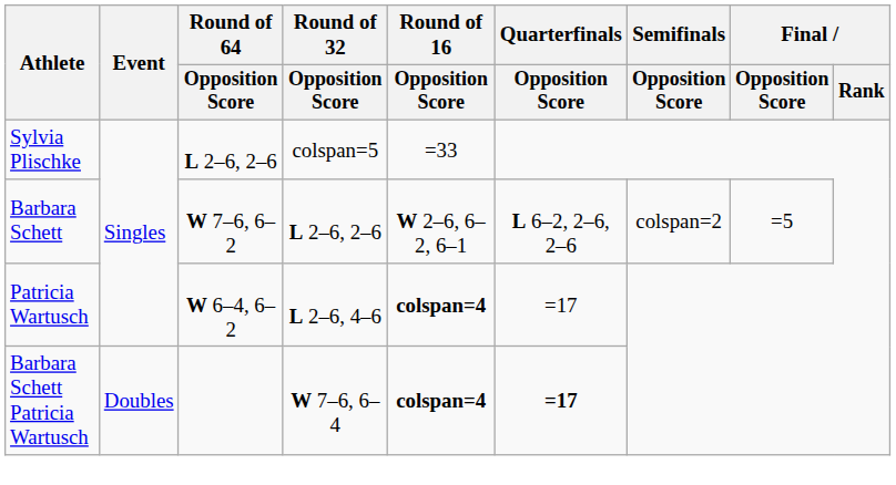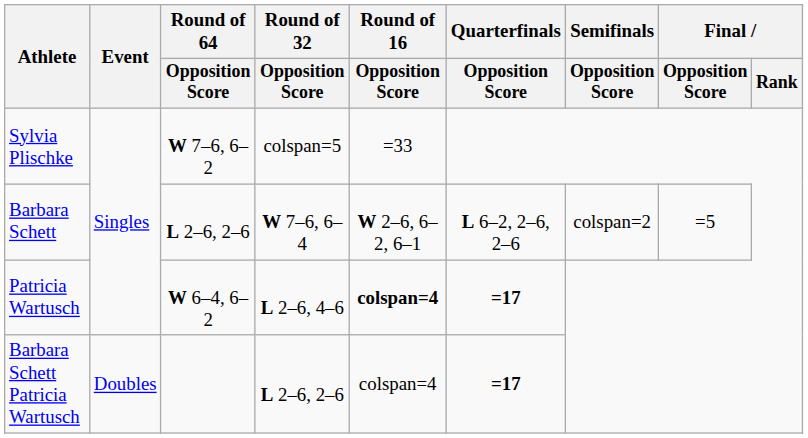 <table class=wikitable style=font-size:90%;text-align:center>
 <tr>
 <th rowspan=2>Athlete</th>
 <th rowspan=2>Event</th>
 <th>Round of 64</th>
 <th>Round of 32</th>
 <th>Round of 16</th>
 <th>Quarterfinals</th>
 <th>Semifinals</th>
 <th colspan=2>Final / </th>
 </tr>
 <tr style=font-size:95%>
 <th>Opposition<br>Score</th>
 <th>Opposition<br>Score</th>
 <th>Opposition<br>Score</th>
 <th>Opposition<br>Score</th>
 <th>Opposition<br>Score</th>
 <th>Opposition<br>Score</th>
 <th>Rank</th>
 </tr>
 <tr>
 <td align=left><a href='#'>Sylvia Plischke</a></td>
 <td align=left rowspan=3><a href='#'>Singles</a></td>
-<td><br><strong>L</strong> 2–6, 2–6</td>
+<td><br><strong>W</strong> 7–6, 6–2</td>
 <td>colspan=5 </td>
 <td>=33</td>
 </tr>
 <tr>
 <td align=left><a href='#'>Barbara Schett</a></td>
-<td><br><strong>W</strong> 7–6, 6–2</td>
 <td><br><strong>L</strong> 2–6, 2–6</td>
+<td><br><strong>W</strong> 7–6, 6–4</td>
 <td><br><strong>W</strong> 2–6, 6–2, 6–1</td>
 <td><br><strong>L</strong> 6–2, 2–6, 2–6</td>
 <td>colspan=2 </td>
 <td>=5</td>
 </tr>
 <tr>
 <td align=left><a href='#'>Patricia Wartusch</a></td>
 <td><br><strong>W</strong> 6–4, 6–2</td>
 <td><br><strong>L</strong> 2–6, 4–6</td>
 <td><strong>colspan=4 </strong></td>
-<td>=17</td>
+<td><strong>=17</strong></td>
 </tr>
 <tr>
 <td align=left><a href='#'>Barbara Schett</a><br><a href='#'>Patricia Wartusch</a></td>
 <td align=left><a href='#'>Doubles</a></td>
 <td></td>
-<td><br><strong>W</strong> 7–6, 6–4</td>
-<td><strong>colspan=4 </strong></td>
+<td><br><strong>L</strong> 2–6, 2–6</td>
+<td>colspan=4 </td>
 <td><strong>=17</strong></td>
 </tr>
 </table>
